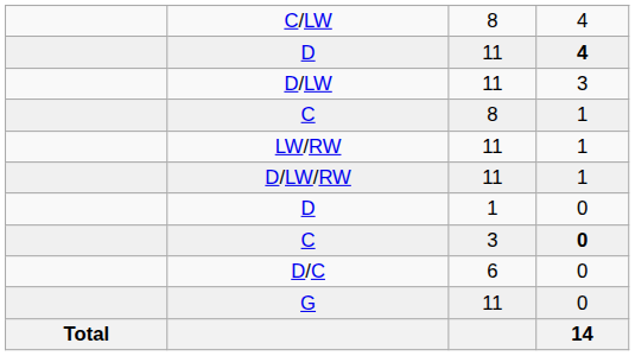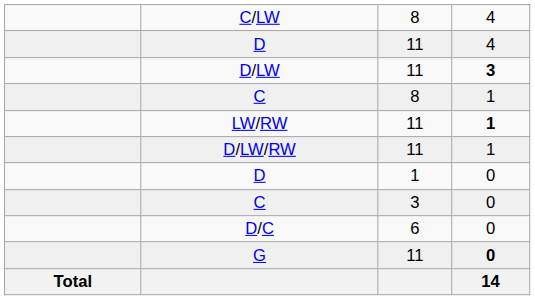 <table class="wikitable sortable" width ="40%">
 <tr align="center">
 </tr>
 <tr align="center" bgcolor="">
 <td></td>
 <td><a href='#'>C</a>/<a href='#'>LW</a></td>
 <td>8</td>
 <td>4</td>
 </tr>
 <tr align="center" bgcolor="f0f0f0">
 <td></td>
 <td><a href='#'>D</a></td>
 <td>11</td>
-<td><strong>4</strong></td>
+<td>4</td>
 </tr>
 <tr align="center" bgcolor="">
 <td></td>
 <td><a href='#'>D</a>/<a href='#'>LW</a></td>
 <td>11</td>
-<td>3</td>
+<td><strong>3</strong></td>
 </tr>
 <tr align="center" bgcolor="f0f0f0">
 <td></td>
 <td><a href='#'>C</a></td>
 <td>8</td>
 <td>1</td>
 </tr>
 <tr align="center" bgcolor="">
 <td></td>
 <td><a href='#'>LW</a>/<a href='#'>RW</a></td>
 <td>11</td>
-<td>1</td>
+<td><strong>1</strong></td>
 </tr>
 <tr align="center" bgcolor="f0f0f0">
 <td></td>
 <td><a href='#'>D</a>/<a href='#'>LW</a>/<a href='#'>RW</a></td>
 <td>11</td>
 <td>1</td>
 </tr>
 <tr align="center" bgcolor="">
 <td></td>
 <td><a href='#'>D</a></td>
 <td>1</td>
 <td>0</td>
 </tr>
 <tr align="center" bgcolor="f0f0f0">
 <td></td>
 <td><a href='#'>C</a></td>
 <td>3</td>
-<td><strong>0</strong></td>
+<td>0</td>
 </tr>
 <tr align="center" bgcolor="">
 <td></td>
 <td><a href='#'>D</a>/<a href='#'>C</a></td>
 <td>6</td>
 <td>0</td>
 </tr>
 <tr align="center" bgcolor="f0f0f0">
 <td></td>
 <td><a href='#'>G</a></td>
 <td>11</td>
-<td>0</td>
+<td><strong>0</strong></td>
 </tr>
 <tr>
 <th>Total</th>
 <th></th>
 <th></th>
 <th>14</th>
 </tr>
 </table>
